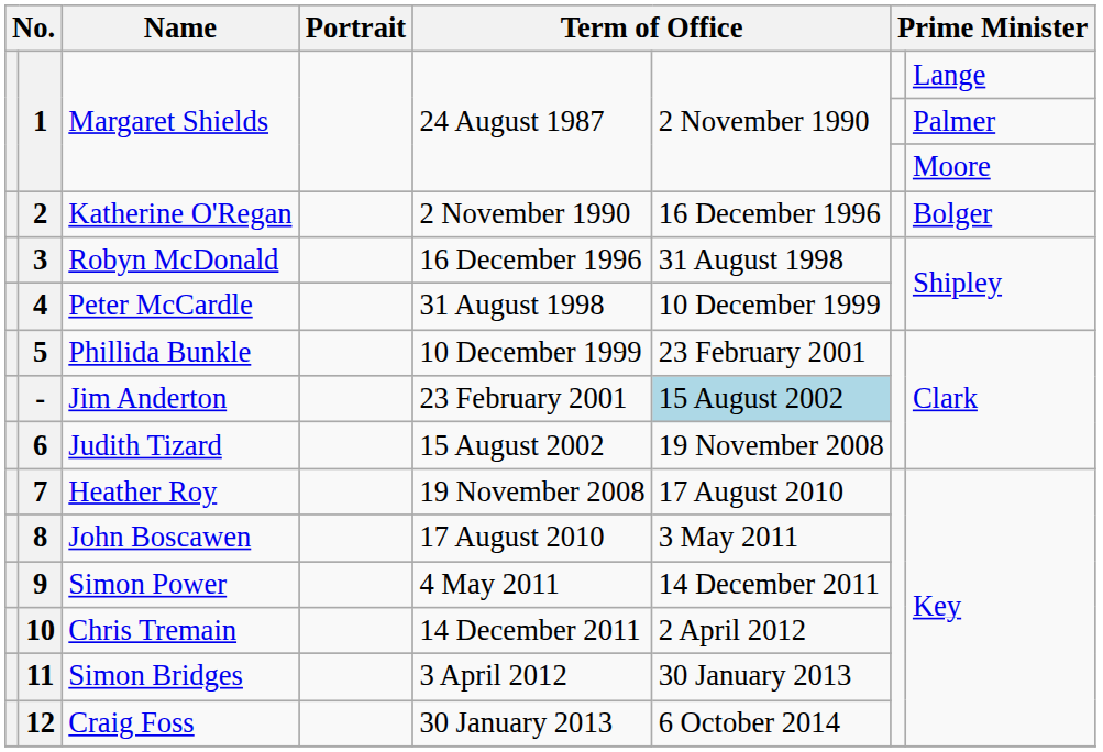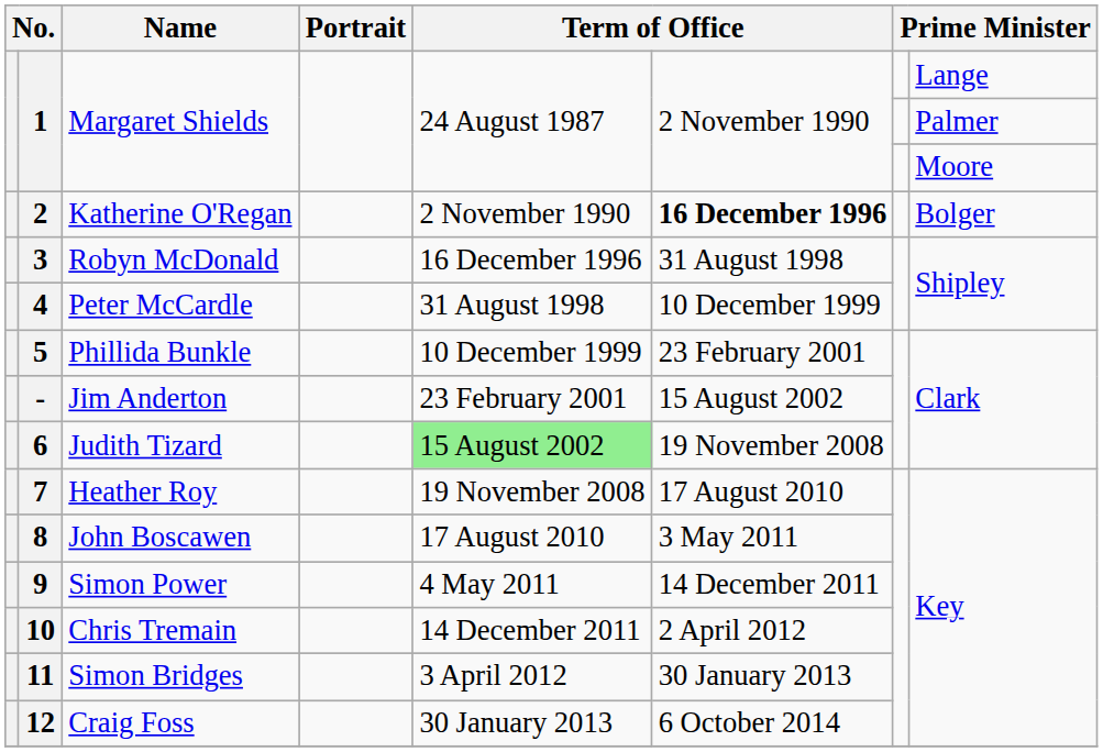 <table class="wikitable">
 <tr>
 <th colspan="2">No.</th>
 <th>Name</th>
 <th>Portrait</th>
 <th colspan="2">Term of Office</th>
 <th colspan="2">Prime Minister</th>
 </tr>
 <tr>
 <th rowspan=3 style="color:inherit;background:"></th>
 <th rowspan=3>1</th>
 <td rowspan=3><a href='#'>Margaret Shields</a></td>
 <td rowspan=3></td>
 <td rowspan=3>24 August 1987</td>
 <td rowspan=3>2 November 1990</td>
 <td width=1 style="color:inherit;background:"></td>
 <td><a href='#'>Lange</a></td>
 </tr>
 <tr>
 <td style="color:inherit;background:"></td>
 <td><a href='#'>Palmer</a></td>
 </tr>
 <tr>
 <td style="color:inherit;background:"></td>
 <td><a href='#'>Moore</a></td>
 </tr>
 <tr>
 <th style="color:inherit;background:"></th>
 <th>2</th>
 <td><a href='#'>Katherine O'Regan</a></td>
 <td></td>
 <td>2 November 1990</td>
-<td>16 December 1996</td>
+<td><strong>16 December 1996</strong></td>
 <td rowspan=2 style="color:inherit;background:"></td>
 <td rowspan=2><a href='#'>Bolger</a></td>
 </tr>
 <tr>
 <th rowspan=2 style="color:inherit;background:"></th>
 <th rowspan=2>3</th>
 <td rowspan=2><a href='#'>Robyn McDonald</a></td>
 <td rowspan=2></td>
 <td rowspan=2>16 December 1996</td>
 <td rowspan=2>31 August 1998</td>
 </tr>
 <tr>
 <td rowspan=2 style="color:inherit;background:"></td>
 <td rowspan=2><a href='#'>Shipley</a></td>
 </tr>
 <tr>
 <th style="color:inherit;background:"></th>
 <th>4</th>
 <td><a href='#'>Peter McCardle</a></td>
 <td></td>
 <td>31 August 1998</td>
 <td>10 December 1999</td>
 </tr>
 <tr>
 <th style="color:inherit;background:"></th>
 <th>5</th>
 <td><a href='#'>Phillida Bunkle</a></td>
 <td></td>
 <td>10 December 1999</td>
 <td>23 February 2001</td>
 <td rowspan=3 style="color:inherit;background:"></td>
 <td rowspan=3><a href='#'>Clark</a></td>
 </tr>
 <tr>
 <th style="color:inherit;background:"></th>
 <th>-</th>
 <td><a href='#'>Jim Anderton</a><br></td>
 <td></td>
 <td>23 February 2001</td>
-<td style="background: lightblue;">15 August 2002</td>
+<td>15 August 2002</td>
 </tr>
 <tr>
 <th style="color:inherit;background:"></th>
 <th>6</th>
 <td><a href='#'>Judith Tizard</a></td>
 <td></td>
-<td>15 August 2002</td>
+<td style="background: lightgreen;">15 August 2002</td>
 <td>19 November 2008</td>
 </tr>
 <tr>
 <th style="color:inherit;background:"></th>
 <th>7</th>
 <td><a href='#'>Heather Roy</a></td>
 <td></td>
 <td>19 November 2008</td>
 <td>17 August 2010</td>
 <td rowspan=6 height=15 style="border-top:solid 0 gray; background:"></td>
 <td rowspan=6><a href='#'>Key</a></td>
 </tr>
 <tr>
 <th style="color:inherit;background:"></th>
 <th>8</th>
 <td><a href='#'>John Boscawen</a></td>
 <td></td>
 <td>17 August 2010</td>
 <td>3 May 2011</td>
 </tr>
 <tr>
 <th style="color:inherit;background:"></th>
 <th>9</th>
 <td><a href='#'>Simon Power</a></td>
 <td></td>
 <td>4 May 2011</td>
 <td>14 December 2011</td>
 </tr>
 <tr>
 <th style="color:inherit;background:"></th>
 <th>10</th>
 <td><a href='#'>Chris Tremain</a></td>
 <td></td>
 <td>14 December 2011</td>
 <td>2 April 2012</td>
 </tr>
 <tr>
 <th style="color:inherit;background:"></th>
 <th>11</th>
 <td><a href='#'>Simon Bridges</a></td>
 <td></td>
 <td>3 April 2012</td>
 <td>30 January 2013</td>
 </tr>
 <tr>
 <th style="color:inherit;background:"></th>
 <th>12</th>
 <td><a href='#'>Craig Foss</a></td>
 <td></td>
 <td>30 January 2013</td>
 <td>6 October 2014</td>
 </tr>
 <tr>
 </tr>
 </table>
